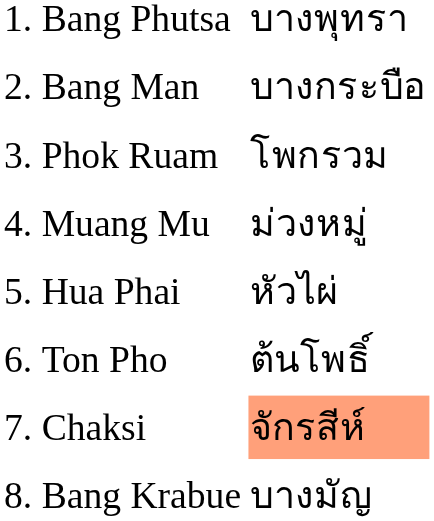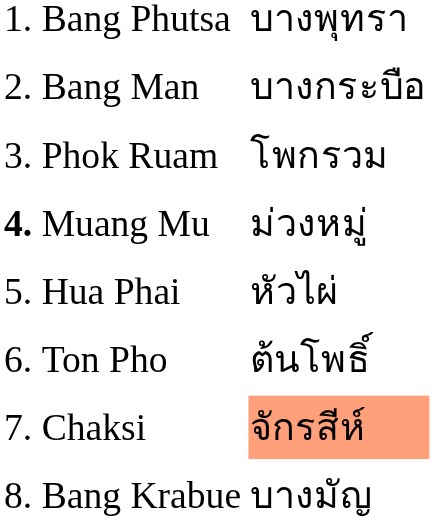 <table>
 <tr>
 <td>1.</td>
 <td>Bang Phutsa</td>
 <td>บางพุทรา</td>
 <td></td>
 </tr>
 <tr>
 <td>2.</td>
 <td>Bang Man</td>
 <td>บางกระบือ</td>
 <td></td>
 </tr>
 <tr>
 <td>3.</td>
 <td>Phok Ruam</td>
 <td>โพกรวม</td>
 <td></td>
 </tr>
 <tr>
-<td>4.</td>
+<td><strong>4.</strong></td>
 <td>Muang Mu</td>
 <td>ม่วงหมู่</td>
 <td></td>
 </tr>
 <tr>
 <td>5.</td>
 <td>Hua Phai</td>
 <td>หัวไผ่</td>
 <td></td>
 </tr>
 <tr>
 <td>6.</td>
 <td>Ton Pho</td>
 <td>ต้นโพธิ์</td>
 <td></td>
 </tr>
 <tr>
 <td>7.</td>
 <td>Chaksi</td>
 <td style="background: lightsalmon;">จักรสีห์</td>
 <td></td>
 </tr>
 <tr>
 <td>8.</td>
 <td>Bang Krabue</td>
 <td>บางมัญ</td>
 <td></td>
 </tr>
 </table>
